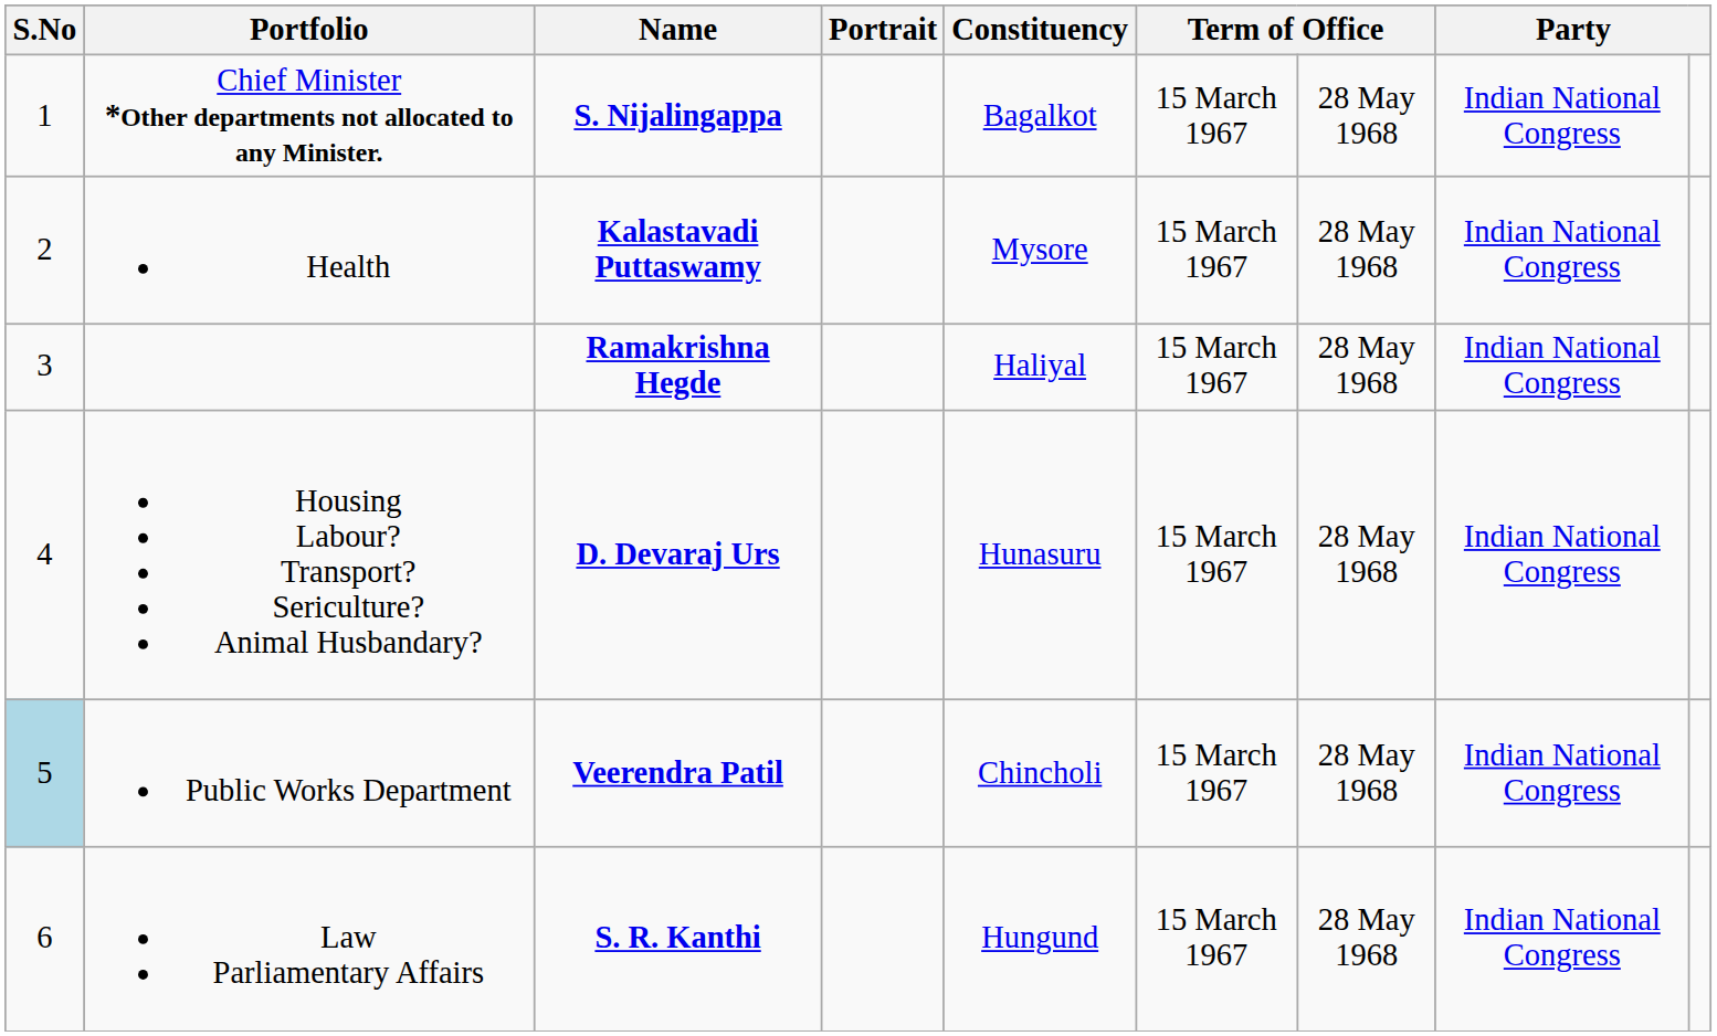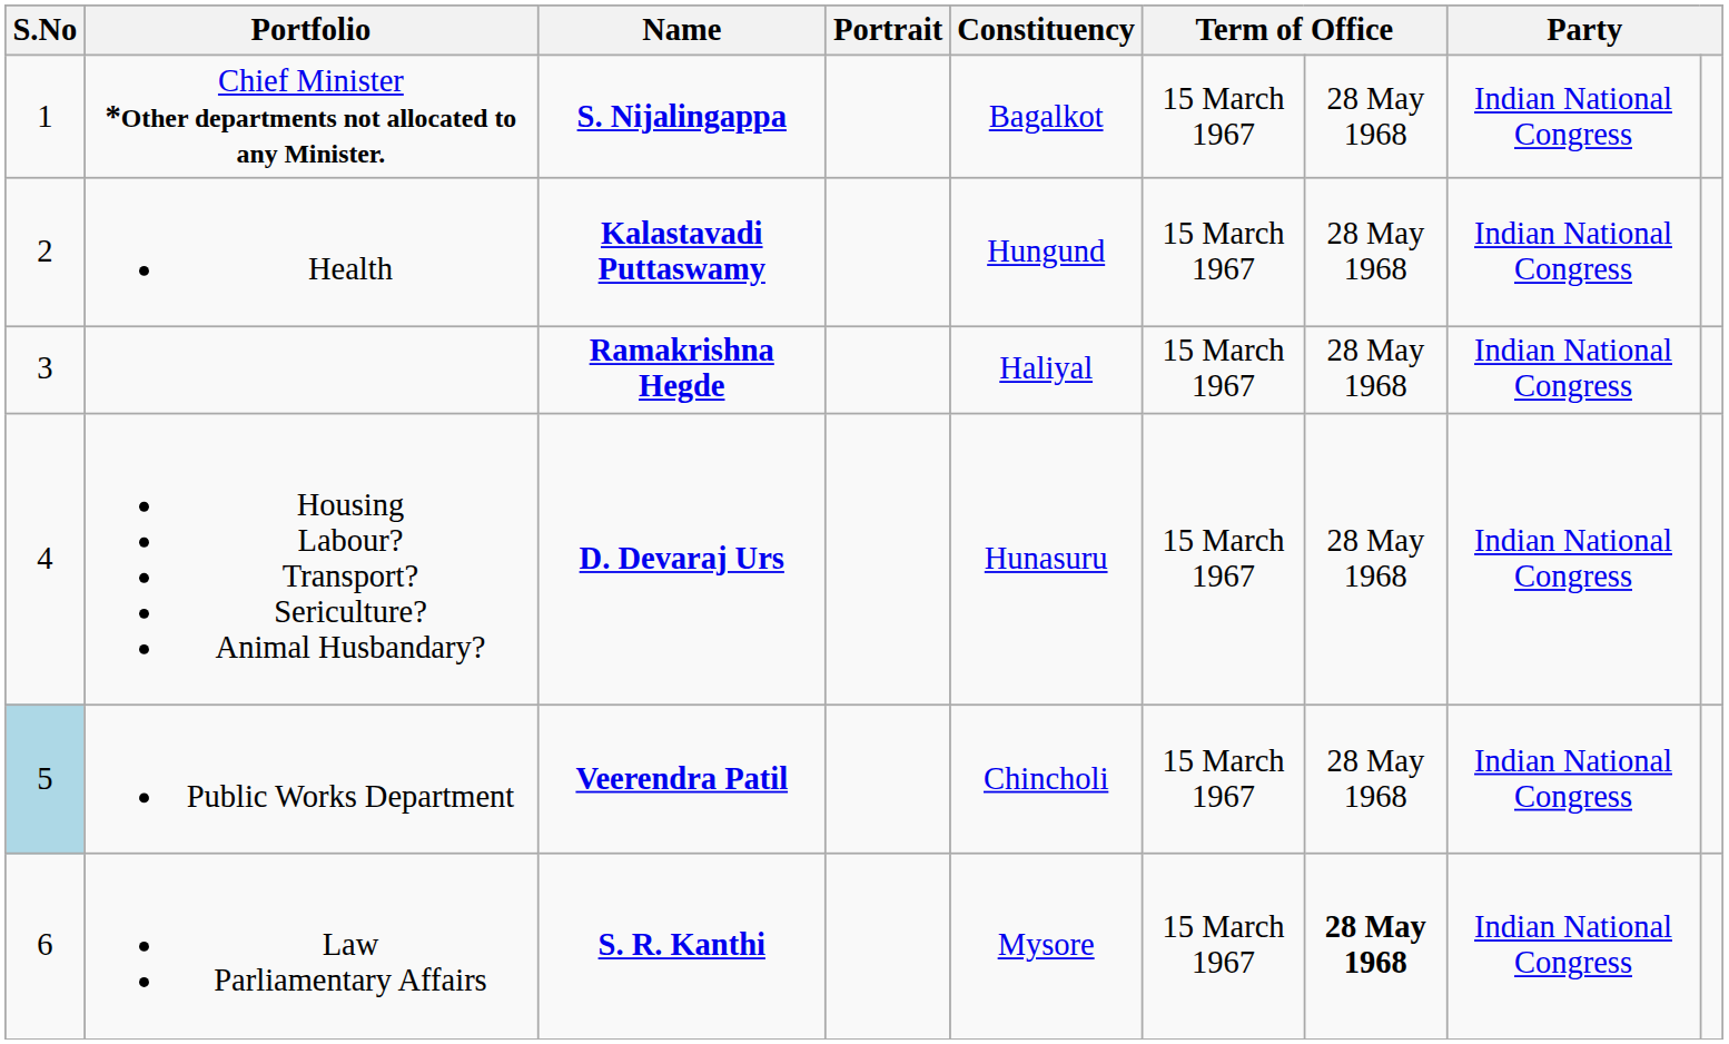 <table class="wikitable sortable" style="text-align:center;">
 <tr>
 <th>S.No</th>
 <th>Portfolio</th>
 <th>Name</th>
 <th>Portrait</th>
 <th>Constituency</th>
 <th colspan="2">Term of Office</th>
 <th colspan="2" scope="col">Party</th>
 </tr>
 <tr>
 <td>1</td>
 <td><a href='#'>Chief Minister</a><br><strong>*<small>Other departments not allocated to any Minister.</small></strong></td>
 <td><strong><a href='#'>S. Nijalingappa</a></strong><br></td>
 <td></td>
 <td><a href='#'>Bagalkot</a></td>
 <td>15 March 1967</td>
 <td>28 May 1968</td>
 <td><a href='#'>Indian National Congress</a></td>
 <td width="4px" style="background-color: "></td>
 </tr>
 <tr style="text-align:center">
 <td>2</td>
 <td><br><ul><li>Health</li></ul></td>
 <td><strong><a href='#'>Kalastavadi Puttaswamy</a></strong></td>
 <td></td>
-<td><a href='#'>Mysore</a></td>
+<td><a href='#'>Hungund</a></td>
 <td>15 March 1967</td>
 <td>28 May 1968</td>
 <td><a href='#'>Indian National Congress</a></td>
 <td width="4px" style="background-color: "></td>
 </tr>
 <tr>
 <td>3</td>
 <td></td>
 <td><strong><a href='#'>Ramakrishna Hegde</a></strong></td>
 <td></td>
 <td><a href='#'>Haliyal</a></td>
 <td>15 March 1967</td>
 <td>28 May 1968</td>
 <td><a href='#'>Indian National Congress</a></td>
 <td width="4px" style="background-color: "></td>
 </tr>
 <tr>
 <td>4</td>
 <td><br><ul><li>Housing</li><li>Labour?</li><li>Transport?</li><li>Sericulture?</li><li>Animal Husbandary?</li></ul></td>
 <td><strong><a href='#'>D. Devaraj Urs</a></strong></td>
 <td></td>
 <td><a href='#'>Hunasuru</a></td>
 <td>15 March 1967</td>
 <td>28 May 1968</td>
 <td><a href='#'>Indian National Congress</a></td>
 <td width="4px" style="background-color: "></td>
 </tr>
 <tr>
 <td style="background: lightblue;">5</td>
 <td><br><ul><li>Public Works Department</li></ul></td>
 <td><strong><a href='#'>Veerendra Patil</a></strong></td>
 <td></td>
 <td><a href='#'>Chincholi</a></td>
 <td>15 March 1967</td>
 <td>28 May 1968</td>
 <td><a href='#'>Indian National Congress</a></td>
 <td width="4px" style="background-color: "></td>
 </tr>
 <tr>
 <td>6</td>
 <td><br><ul><li>Law</li><li>Parliamentary Affairs</li></ul></td>
 <td><strong><a href='#'>S. R. Kanthi</a></strong></td>
 <td></td>
-<td><a href='#'>Hungund</a></td>
+<td><a href='#'>Mysore</a></td>
 <td>15 March 1967</td>
-<td>28 May 1968</td>
+<td><strong>28 May 1968</strong></td>
 <td><a href='#'>Indian National Congress</a></td>
 <td width="4px" style="background-color: "></td>
 </tr>
 <tr>
 </tr>
 </table>
